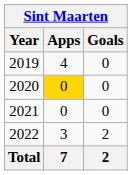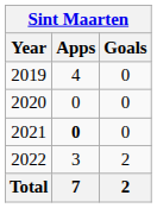 <table class="wikitable" style="text-align:center">
 <tr>
 <th colspan=3><a href='#'>Sint Maarten</a></th>
 </tr>
 <tr>
 <th>Year</th>
 <th>Apps</th>
 <th>Goals</th>
 </tr>
 <tr>
 <td>2019</td>
 <td>4</td>
 <td>0</td>
 </tr>
 <tr>
 <td>2020</td>
-<td style="background: gold;">0</td>
+<td>0</td>
 <td>0</td>
 </tr>
 <tr>
 <td>2021</td>
-<td>0</td>
+<td><strong>0</strong></td>
 <td>0</td>
 </tr>
 <tr>
 <td>2022</td>
 <td>3</td>
 <td>2</td>
 </tr>
 <tr>
 <th>Total</th>
 <th>7</th>
 <th>2</th>
 </tr>
 </table>
